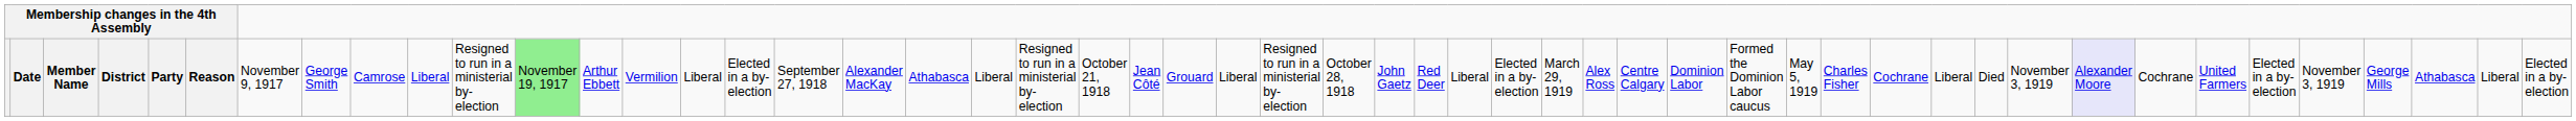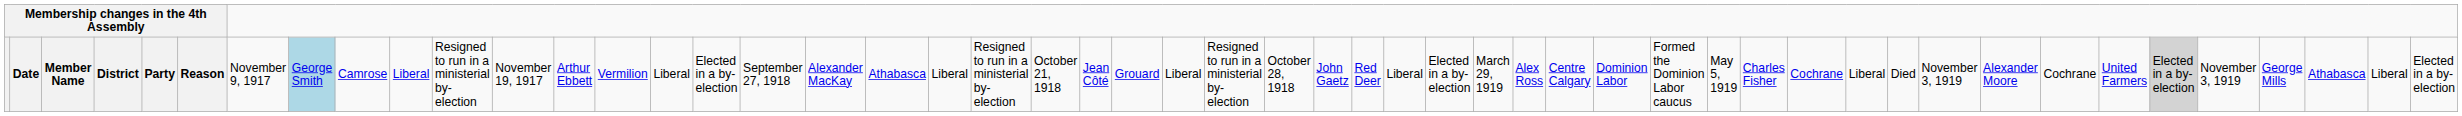 <table class="wikitable">
 <tr>
 <th colspan=6>Membership changes in the 4th Assembly</th>
 </tr>
 <tr>
 <th></th>
 <th>Date</th>
 <th>Member Name</th>
 <th>District</th>
 <th>Party</th>
 <th>Reason<br></th>
 <td>November 9, 1917</td>
-<td><a href='#'>George Smith</a></td>
+<td style="background: lightblue;"><a href='#'>George Smith</a></td>
 <td><a href='#'>Camrose</a></td>
 <td><a href='#'>Liberal</a></td>
 <td>Resigned to run in a ministerial by-election<br></td>
-<td style="background: lightgreen;">November 19, 1917</td>
+<td>November 19, 1917</td>
 <td><a href='#'>Arthur Ebbett</a></td>
 <td><a href='#'>Vermilion</a></td>
 <td>Liberal</td>
 <td>Elected in a by-election<br></td>
 <td>September 27, 1918</td>
 <td><a href='#'>Alexander MacKay</a></td>
 <td><a href='#'>Athabasca</a></td>
 <td>Liberal</td>
 <td>Resigned to run in a ministerial by-election<br></td>
 <td>October 21, 1918</td>
 <td><a href='#'>Jean Côté</a></td>
 <td><a href='#'>Grouard</a></td>
 <td>Liberal</td>
 <td>Resigned to run in a ministerial by-election<br></td>
 <td>October 28, 1918</td>
 <td><a href='#'>John Gaetz</a></td>
 <td><a href='#'>Red Deer</a></td>
 <td>Liberal</td>
 <td>Elected in a by-election<br></td>
 <td>March 29, 1919</td>
 <td><a href='#'>Alex Ross</a></td>
 <td><a href='#'>Centre Calgary</a></td>
 <td><a href='#'>Dominion Labor</a></td>
 <td>Formed the Dominion Labor caucus<br></td>
 <td>May 5, 1919</td>
 <td><a href='#'>Charles Fisher</a></td>
 <td><a href='#'>Cochrane</a></td>
 <td>Liberal</td>
 <td>Died<br></td>
 <td>November 3, 1919</td>
-<td style="background: lavender;"><a href='#'>Alexander Moore</a></td>
+<td><a href='#'>Alexander Moore</a></td>
 <td>Cochrane</td>
 <td><a href='#'>United Farmers</a></td>
-<td>Elected in a by-election<br></td>
+<td style="background: lightgrey;">Elected in a by-election<br></td>
 <td>November 3, 1919</td>
 <td><a href='#'>George Mills</a></td>
 <td><a href='#'>Athabasca</a></td>
 <td>Liberal</td>
 <td>Elected in a by-election</td>
 </tr>
 </table>
